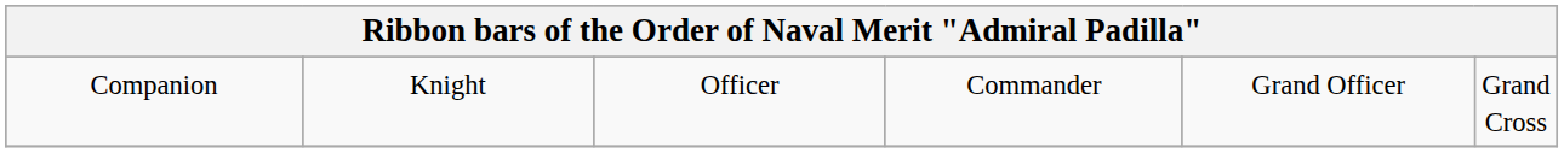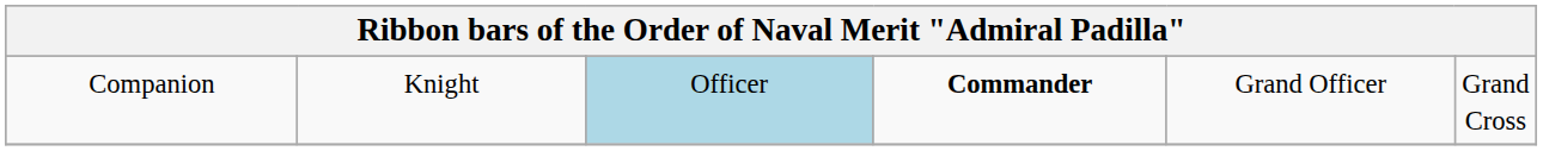 <table align=center class=wikitable width=60%>
 <tr>
 <th colspan=6>Ribbon bars of the Order of Naval Merit "Admiral Padilla"</th>
 </tr>
 <tr>
 <td width=20% valign=top align=center><small>Companion</small></td>
 <td width=20% valign=top align=center><small>Knight</small></td>
-<td width=20% valign=top align=center><small>Officer</small></td>
-<td width=20% valign=top align=center><small>Commander</small></td>
+<td width=20% valign=top align=center style="background: lightblue;"><small>Officer</small></td>
+<td width=20% valign=top align=center><strong><small>Commander</small></strong></td>
 <td width=20% valign=top align=center><small>Grand Officer</small></td>
 <td width=20% valign=top align=center><small>Grand Cross</small></td>
 </tr>
 <tr>
 </tr>
 </table>
